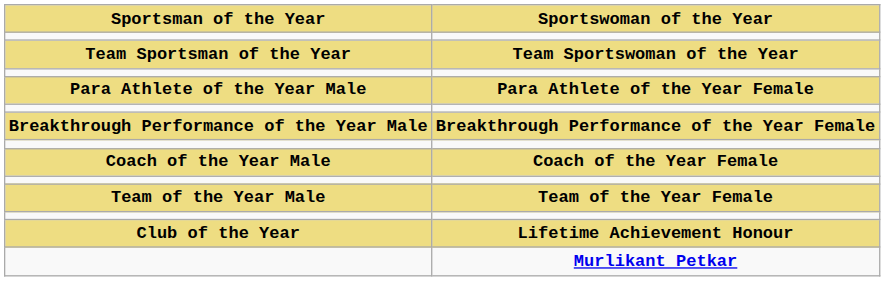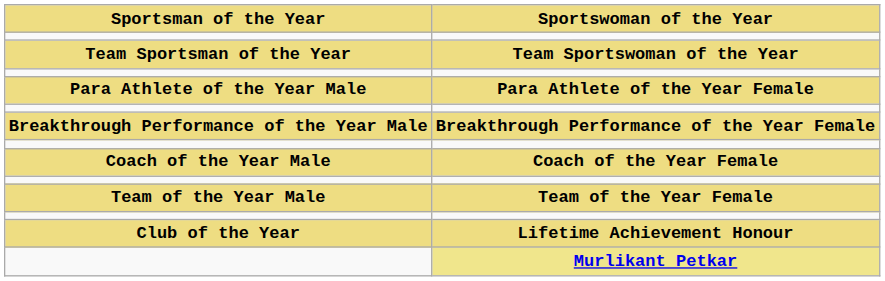 <table class="wikitable" style="text-align:center;">
 <tr>
 <th style="background:#EEDD82;">Sportsman of the Year</th>
 <th style="background:#EEDD82;">Sportswoman of the Year</th>
 </tr>
 <tr>
 <td></td>
 <td></td>
 </tr>
 <tr>
 <th style="background:#EEDD82;">Team Sportsman of the Year</th>
 <th style="background:#EEDD82;">Team Sportswoman of the Year</th>
 </tr>
 <tr>
 <td></td>
 <td></td>
 </tr>
 <tr>
 <th style="background:#EEDD82;">Para Athlete of the Year Male</th>
 <th style="background:#EEDD82;">Para Athlete of the Year Female</th>
 </tr>
 <tr>
 <td></td>
 <td></td>
 </tr>
 <tr>
 <th style="background:#EEDD82;">Breakthrough Performance of the Year Male</th>
 <th style="background:#EEDD82;">Breakthrough Performance of the Year Female</th>
 </tr>
 <tr>
 <td></td>
 <td></td>
 </tr>
 <tr>
 <th style="background:#EEDD82;">Coach of the Year Male</th>
 <th style="background:#EEDD82;">Coach of the Year Female</th>
 </tr>
 <tr>
 <td></td>
 <td></td>
 </tr>
 <tr>
 <th style="background:#EEDD82;">Team of the Year Male</th>
 <th style="background:#EEDD82;">Team of the Year Female</th>
 </tr>
 <tr>
 <td></td>
 <td></td>
 </tr>
 <tr>
 <th style="background:#EEDD82;">Club of the Year</th>
 <th style="background:#EEDD82;">Lifetime Achievement Honour</th>
 </tr>
 <tr>
 <td></td>
-<td><strong><a href='#'>Murlikant Petkar</a></strong></td>
+<td style="background: khaki;"><strong><a href='#'>Murlikant Petkar</a></strong></td>
 </tr>
 </table>
